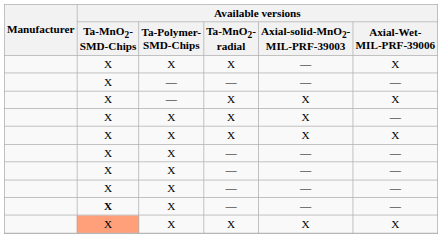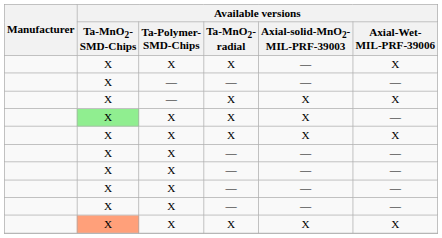 <table class="wikitable centered" style="text-align:center">
 <tr class=>
 <th rowspan="2">Manufacturer</th>
 <th colspan="6">Available versions</th>
 </tr>
 <tr class=>
 <th>Ta-MnO<sub>2</sub>-<br>SMD-Chips</th>
 <th>Ta-Polymer-<br>SMD-Chips</th>
 <th>Ta-MnO<sub>2</sub>-<br>radial</th>
 <th>Axial-solid-MnO<sub>2</sub>-<br>MIL-PRF-39003</th>
 <th>Axial-Wet-<br>MIL-PRF-39006</th>
 </tr>
 <tr>
 <td style="text-align:left"></td>
 <td>X</td>
 <td>X</td>
 <td>X</td>
 <td>—</td>
 <td>X</td>
 </tr>
 <tr>
 <td style="text-align:left"></td>
 <td>X</td>
 <td>—</td>
 <td>—</td>
 <td>—</td>
 <td>—</td>
 </tr>
 <tr>
 <td style="text-align:left"></td>
 <td>X</td>
 <td>—</td>
 <td>X</td>
 <td>X</td>
 <td>X</td>
 </tr>
 <tr>
 <td style="text-align:left"></td>
-<td>X</td>
+<td style="background: lightgreen;">X</td>
 <td>X</td>
 <td>X</td>
 <td>X</td>
 <td>—</td>
 </tr>
 <tr>
 <td style="text-align:left"></td>
 <td>X</td>
 <td>X</td>
 <td>X</td>
 <td>X</td>
 <td>X</td>
 </tr>
 <tr>
 <td style="text-align:left"></td>
 <td>X</td>
 <td>X</td>
 <td>—</td>
 <td>—</td>
 <td>—</td>
 </tr>
 <tr>
 <td style="text-align:left"></td>
 <td>X</td>
 <td>X</td>
 <td>—</td>
 <td>—</td>
 <td>—</td>
 </tr>
 <tr>
 <td style="text-align:left"></td>
 <td>X</td>
 <td>X</td>
 <td>—</td>
 <td>—</td>
 <td>—</td>
 </tr>
 <tr>
 <td style="text-align:left"></td>
-<td><strong>X</strong></td>
+<td>X</td>
 <td>X</td>
 <td>—</td>
 <td>—</td>
 <td>—</td>
 </tr>
 <tr>
 <td style="text-align:left"></td>
 <td style="background: lightsalmon;">X</td>
 <td>X</td>
 <td>X</td>
 <td>X</td>
 <td>X</td>
 </tr>
 <tr>
 </tr>
 </table>
